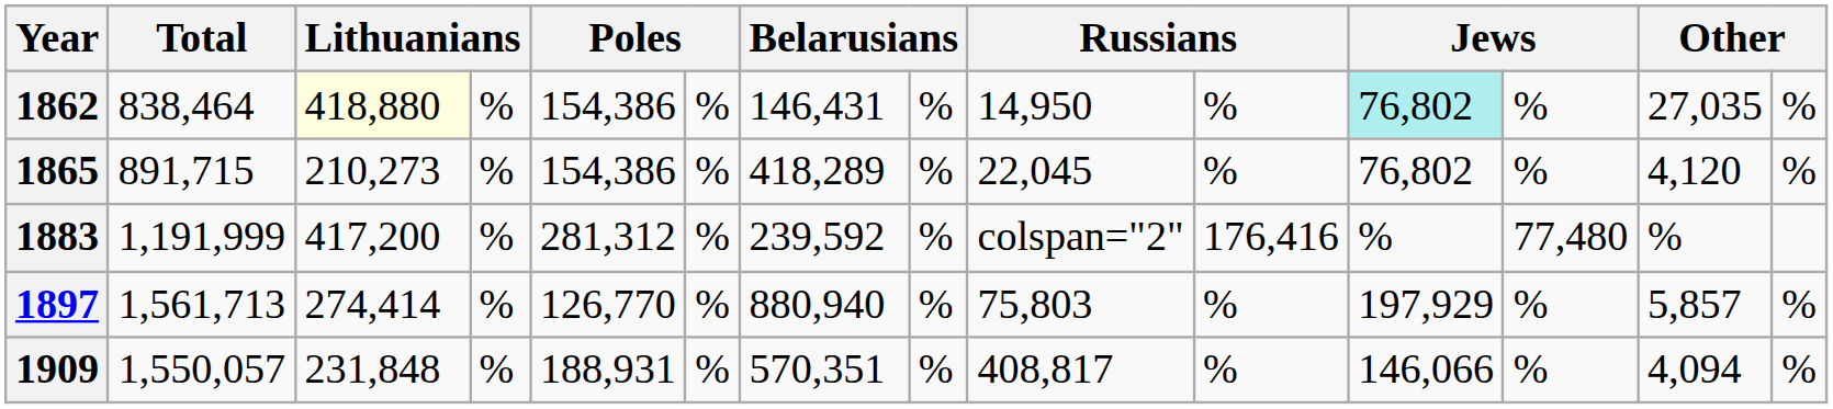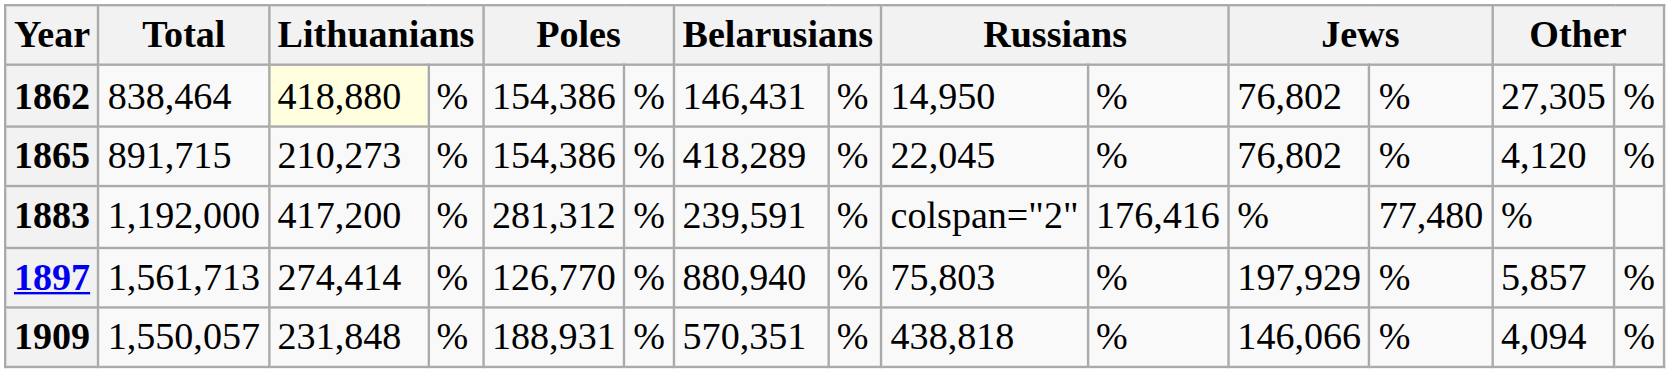 <table class=wikitable>
 <tr>
 <th>Year</th>
 <th>Total</th>
 <th colspan=2>Lithuanians</th>
 <th colspan=2>Poles</th>
 <th colspan=2>Belarusians</th>
 <th colspan=2>Russians</th>
 <th colspan=2>Jews</th>
 <th colspan=2>Other</th>
 </tr>
 <tr>
 <th scope="row">1862</th>
 <td>838,464</td>
 <td style="background: lightyellow;">418,880</td>
 <td>%</td>
 <td>154,386</td>
 <td>%</td>
 <td>146,431</td>
 <td>%</td>
 <td>14,950</td>
 <td>%</td>
-<td style="background: paleturquoise;">76,802</td>
+<td>76,802</td>
 <td>%</td>
-<td>27,035</td>
+<td>27,305</td>
 <td>%</td>
 </tr>
 <tr>
 <th scope="row">1865</th>
 <td>891,715</td>
 <td>210,273</td>
 <td>%</td>
 <td>154,386</td>
 <td>%</td>
 <td>418,289</td>
 <td>%</td>
 <td>22,045</td>
 <td>%</td>
 <td>76,802</td>
 <td>%</td>
 <td>4,120</td>
 <td>%</td>
 </tr>
 <tr>
 <th scope="row">1883</th>
-<td>1,191,999</td>
+<td>1,192,000</td>
 <td>417,200</td>
 <td>%</td>
 <td>281,312</td>
 <td>%</td>
-<td>239,592</td>
+<td>239,591</td>
 <td>%</td>
 <td>colspan="2" </td>
 <td>176,416</td>
 <td>%</td>
 <td>77,480</td>
 <td>%</td>
 </tr>
 <tr>
 <th scope="row"><a href='#'>1897</a></th>
 <td>1,561,713</td>
 <td>274,414</td>
 <td>%</td>
 <td>126,770</td>
 <td>%</td>
 <td>880,940</td>
 <td>%</td>
 <td>75,803</td>
 <td>%</td>
 <td>197,929</td>
 <td>%</td>
 <td>5,857</td>
 <td>%</td>
 </tr>
 <tr>
 <th scope="row">1909</th>
 <td>1,550,057</td>
 <td>231,848</td>
 <td>%</td>
 <td>188,931</td>
 <td>%</td>
 <td>570,351</td>
 <td>%</td>
-<td>408,817</td>
+<td>438,818</td>
 <td>%</td>
 <td>146,066</td>
 <td>%</td>
 <td>4,094</td>
 <td>%</td>
 </tr>
 </table>
